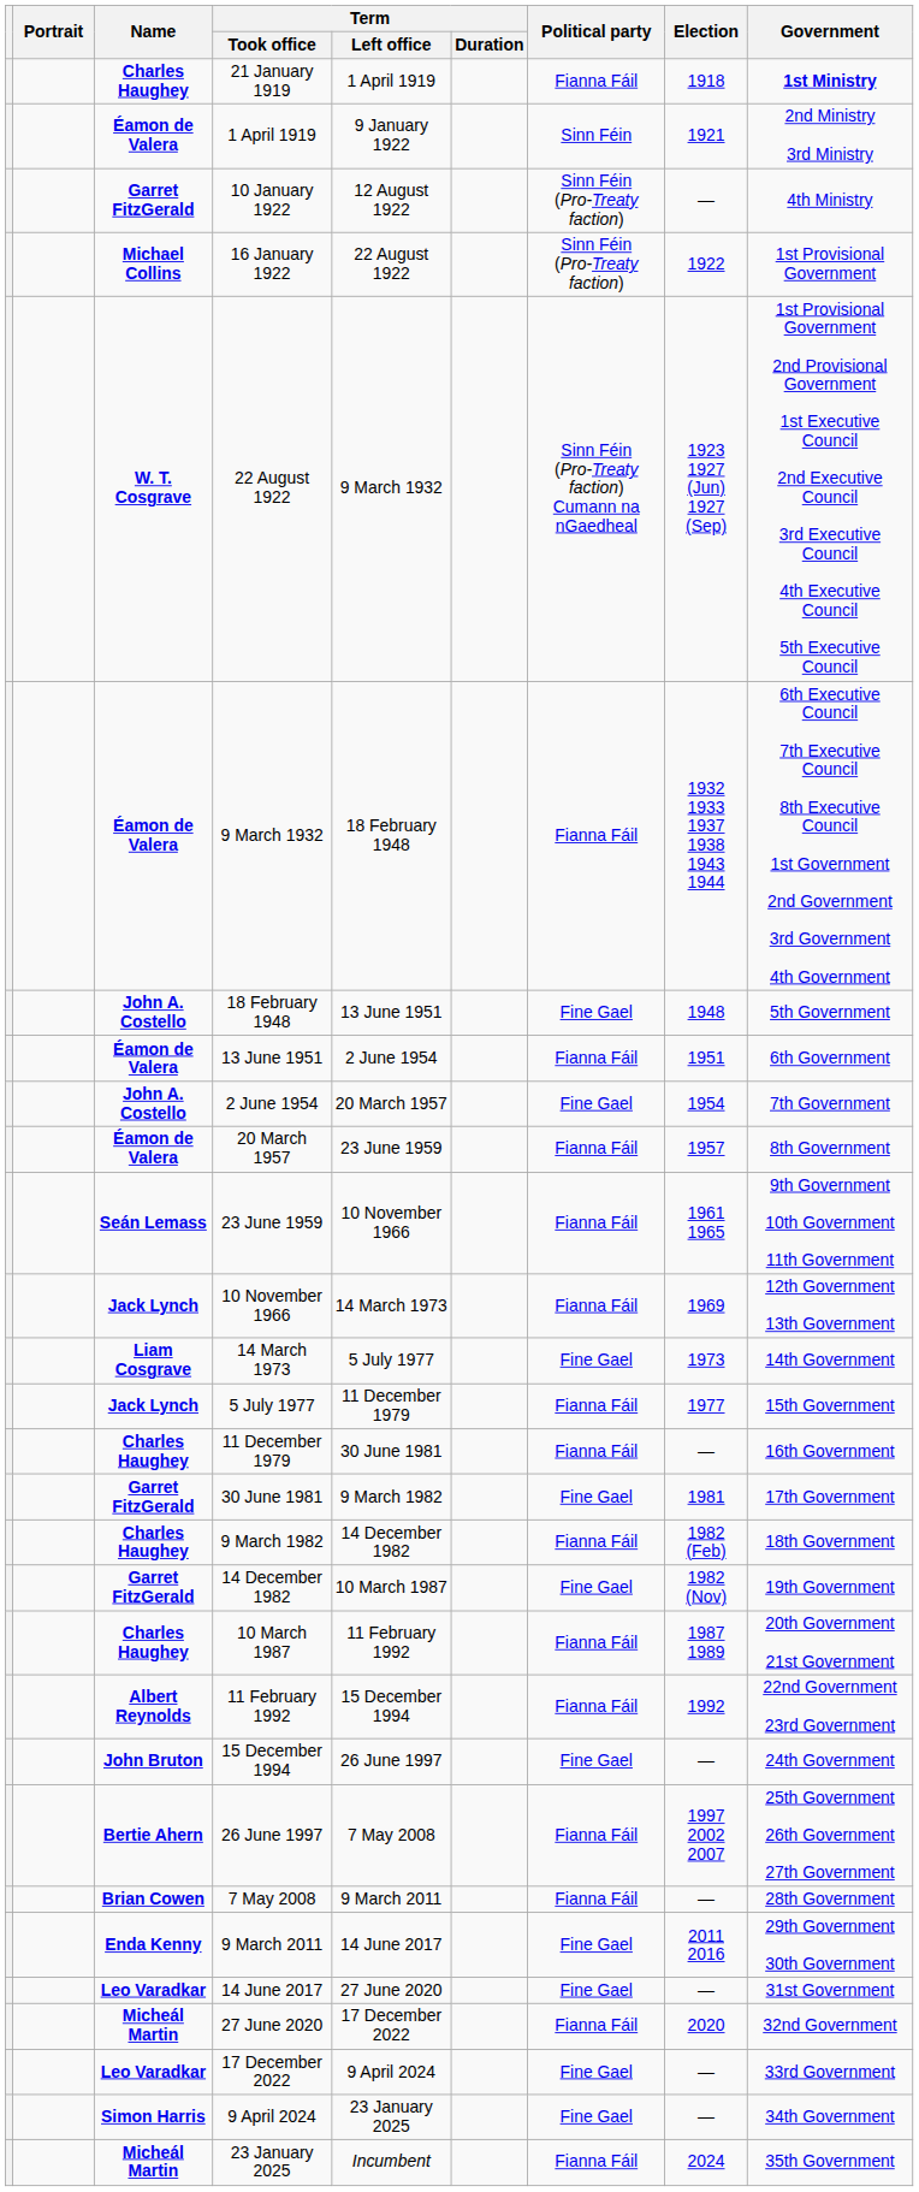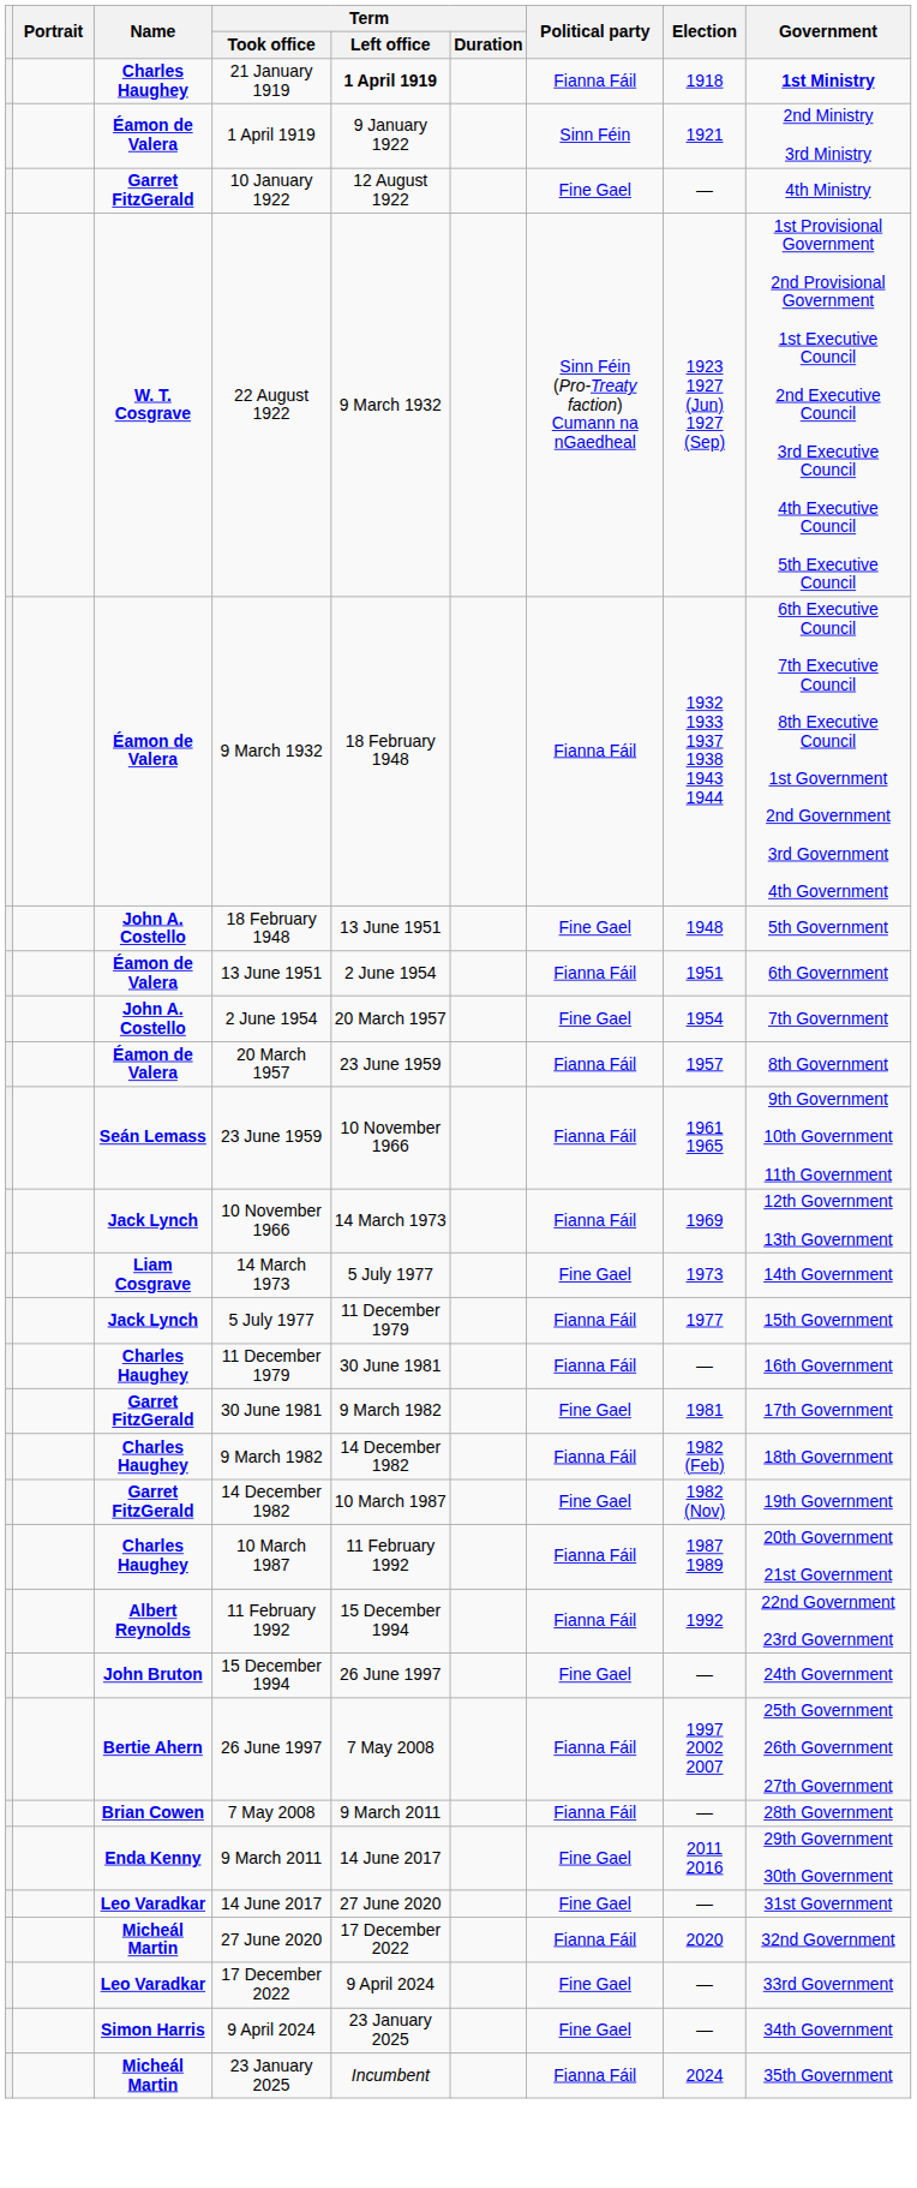 <table class="wikitable" style="text-align:center">
 <tr>
 <th rowspan="2"></th>
 <th rowspan="2" width="70px">Portrait</th>
 <th rowspan="2">Name<br></th>
 <th colspan="3">Term</th>
 <th rowspan="2">Political party</th>
 <th rowspan="2">Election</th>
 <th rowspan="2">Government</th>
 </tr>
 <tr>
 <th>Took office</th>
 <th>Left office</th>
 <th>Duration</th>
 </tr>
 <tr>
 <th style="background:"></th>
 <td></td>
 <td><strong><a href='#'>Charles Haughey</a></strong><br></td>
 <td>21 January 1919</td>
-<td>1 April 1919</td>
+<td><strong>1 April 1919</strong></td>
 <td></td>
 <td><a href='#'>Fianna Fáil</a></td>
 <td><a href='#'>1918</a></td>
 <td><strong><a href='#'>1st Ministry</a></strong></td>
 </tr>
 <tr>
 <th style="background:"></th>
 <td></td>
 <td><strong><a href='#'>Éamon de Valera</a></strong><br></td>
 <td>1 April 1919</td>
 <td>9 January 1922</td>
 <td></td>
 <td><a href='#'>Sinn Féin</a></td>
 <td><a href='#'>1921</a></td>
 <td><a href='#'>2nd Ministry</a><br><br><a href='#'>3rd Ministry</a><br></td>
 </tr>
 <tr>
 <th style="background:"></th>
 <td></td>
 <td><strong><a href='#'>Garret FitzGerald</a></strong><br></td>
 <td>10 January 1922</td>
 <td>12 August 1922</td>
 <td></td>
-<td><a href='#'>Sinn Féin</a><br>(<em>Pro-<a href='#'>Treaty</a> faction</em>)</td>
+<td><a href='#'>Fine Gael</a></td>
 <td>—</td>
 <td><a href='#'>4th Ministry</a></td>
-</tr>
-<tr>
-<th style="background:"></th>
-<td></td>
-<td><strong><a href='#'>Michael Collins</a></strong><br></td>
-<td>16 January 1922</td>
-<td>22 August 1922</td>
-<td></td>
-<td><a href='#'>Sinn Féin</a><br>(<em>Pro-<a href='#'>Treaty</a> faction</em>)</td>
-<td><a href='#'>1922</a></td>
-<td><a href='#'>1st Provisional Government</a></td>
 </tr>
 <tr>
 <th style="background:"></th>
 <td></td>
 <td><strong><a href='#'>W. T. Cosgrave</a></strong><br></td>
 <td>22 August 1922</td>
 <td>9 March 1932</td>
 <td></td>
 <td><a href='#'>Sinn Féin</a><br>(<em>Pro-<a href='#'>Treaty</a> faction</em>)<br><a href='#'>Cumann na nGaedheal</a></td>
 <td><a href='#'>1923</a><br><a href='#'>1927 (Jun)</a><br><a href='#'>1927 (Sep)</a></td>
 <td><a href='#'>1st Provisional Government</a><br><br><a href='#'>2nd Provisional Government</a><br><br><a href='#'>1st Executive Council</a><br><br><a href='#'>2nd Executive Council</a><br><br><a href='#'>3rd Executive Council</a><br><br><a href='#'>4th Executive Council</a><br><br><a href='#'>5th Executive Council</a><br></td>
 </tr>
 <tr>
 <th style="background:"></th>
 <td></td>
 <td><strong><a href='#'>Éamon de Valera</a></strong><br></td>
 <td>9 March 1932</td>
 <td>18 February 1948</td>
 <td></td>
 <td><a href='#'>Fianna Fáil</a></td>
 <td><a href='#'>1932</a><br><a href='#'>1933</a><br><a href='#'>1937</a><br><a href='#'>1938</a><br><a href='#'>1943</a><br><a href='#'>1944</a></td>
 <td><a href='#'>6th Executive Council</a><br><br><a href='#'>7th Executive Council</a><br><br><a href='#'>8th Executive Council</a><br><br><a href='#'>1st Government</a><br><br><a href='#'>2nd Government</a><br><br><a href='#'>3rd Government</a><br><br><a href='#'>4th Government</a><br></td>
 </tr>
 <tr>
 <th style="background:"></th>
 <td></td>
 <td><strong><a href='#'>John A. Costello</a></strong><br></td>
 <td>18 February 1948</td>
 <td>13 June 1951</td>
 <td></td>
 <td><a href='#'>Fine Gael</a></td>
 <td><a href='#'>1948</a></td>
 <td><a href='#'>5th Government</a></td>
 </tr>
 <tr>
 <th style="background:"></th>
 <td></td>
 <td><strong><a href='#'>Éamon de Valera</a></strong><br></td>
 <td>13 June 1951</td>
 <td>2 June 1954</td>
 <td></td>
 <td><a href='#'>Fianna Fáil</a></td>
 <td><a href='#'>1951</a></td>
 <td><a href='#'>6th Government</a></td>
 </tr>
 <tr>
 <th style="background:"></th>
 <td></td>
 <td><strong><a href='#'>John A. Costello</a></strong><br></td>
 <td>2 June 1954</td>
 <td>20 March 1957</td>
 <td></td>
 <td><a href='#'>Fine Gael</a></td>
 <td><a href='#'>1954</a></td>
 <td><a href='#'>7th Government</a></td>
 </tr>
 <tr>
 <th style="background:"></th>
 <td></td>
 <td><strong><a href='#'>Éamon de Valera</a></strong><br></td>
 <td>20 March 1957</td>
 <td>23 June 1959</td>
 <td></td>
 <td><a href='#'>Fianna Fáil</a></td>
 <td><a href='#'>1957</a></td>
 <td><a href='#'>8th Government</a></td>
 </tr>
 <tr>
 <th style="background:"></th>
 <td></td>
 <td><strong><a href='#'>Seán Lemass</a></strong><br></td>
 <td>23 June 1959</td>
 <td>10 November 1966</td>
 <td></td>
 <td><a href='#'>Fianna Fáil</a></td>
 <td><a href='#'>1961</a><br><a href='#'>1965</a></td>
 <td><a href='#'>9th Government</a><br><br><a href='#'>10th Government</a><br><br><a href='#'>11th Government</a><br></td>
 </tr>
 <tr>
 <th style="background:"></th>
 <td></td>
 <td><strong><a href='#'>Jack Lynch</a></strong><br></td>
 <td>10 November 1966</td>
 <td>14 March 1973</td>
 <td></td>
 <td><a href='#'>Fianna Fáil</a></td>
 <td><a href='#'>1969</a></td>
 <td><a href='#'>12th Government</a><br><br><a href='#'>13th Government</a><br></td>
 </tr>
 <tr>
 <th style="background:"></th>
 <td></td>
 <td><strong><a href='#'>Liam Cosgrave</a></strong><br></td>
 <td>14 March 1973</td>
 <td>5 July 1977</td>
 <td></td>
 <td><a href='#'>Fine Gael</a></td>
 <td><a href='#'>1973</a></td>
 <td><a href='#'>14th Government</a></td>
 </tr>
 <tr>
 <th style="background:"></th>
 <td></td>
 <td><strong><a href='#'>Jack Lynch</a></strong><br></td>
 <td>5 July 1977</td>
 <td>11 December 1979</td>
 <td></td>
 <td><a href='#'>Fianna Fáil</a></td>
 <td><a href='#'>1977</a></td>
 <td><a href='#'>15th Government</a></td>
 </tr>
 <tr>
 <th style="background:"></th>
 <td></td>
 <td><strong><a href='#'>Charles Haughey</a></strong><br></td>
 <td>11 December 1979</td>
 <td>30 June 1981</td>
 <td></td>
 <td><a href='#'>Fianna Fáil</a></td>
 <td>—</td>
 <td><a href='#'>16th Government</a></td>
 </tr>
 <tr>
 <th style="background:"></th>
 <td></td>
 <td><strong><a href='#'>Garret FitzGerald</a></strong><br></td>
 <td>30 June 1981</td>
 <td>9 March 1982</td>
 <td></td>
 <td><a href='#'>Fine Gael</a></td>
 <td><a href='#'>1981</a></td>
 <td><a href='#'>17th Government</a></td>
 </tr>
 <tr>
 <th style="background:"></th>
 <td></td>
 <td><strong><a href='#'>Charles Haughey</a></strong><br></td>
 <td>9 March 1982</td>
 <td>14 December 1982</td>
 <td></td>
 <td><a href='#'>Fianna Fáil</a></td>
 <td><a href='#'>1982 (Feb)</a></td>
 <td><a href='#'>18th Government</a></td>
 </tr>
 <tr>
 <th style="background:"></th>
 <td></td>
 <td><strong><a href='#'>Garret FitzGerald</a></strong><br></td>
 <td>14 December 1982</td>
 <td>10 March 1987</td>
 <td></td>
 <td><a href='#'>Fine Gael</a></td>
 <td><a href='#'>1982 (Nov)</a></td>
 <td><a href='#'>19th Government</a></td>
 </tr>
 <tr>
 <th style="background:"></th>
 <td></td>
 <td><strong><a href='#'>Charles Haughey</a></strong><br></td>
 <td>10 March 1987</td>
 <td>11 February 1992</td>
 <td></td>
 <td><a href='#'>Fianna Fáil</a></td>
 <td><a href='#'>1987</a><br><a href='#'>1989</a></td>
 <td><a href='#'>20th Government</a><br><br><a href='#'>21st Government</a><br></td>
 </tr>
 <tr>
 <th style="background:"></th>
 <td></td>
 <td><strong><a href='#'>Albert Reynolds</a></strong><br></td>
 <td>11 February 1992</td>
 <td>15 December 1994</td>
 <td></td>
 <td><a href='#'>Fianna Fáil</a></td>
 <td><a href='#'>1992</a></td>
 <td><a href='#'>22nd Government</a><br><br><a href='#'>23rd Government</a><br></td>
 </tr>
 <tr>
 <th style="background:"></th>
 <td></td>
 <td><strong><a href='#'>John Bruton</a></strong><br></td>
 <td>15 December 1994</td>
 <td>26 June 1997</td>
 <td></td>
 <td><a href='#'>Fine Gael</a></td>
 <td>—</td>
 <td><a href='#'>24th Government</a><br></td>
 </tr>
 <tr>
 <th style="background:"></th>
 <td></td>
 <td><strong><a href='#'>Bertie Ahern</a></strong><br></td>
 <td>26 June 1997</td>
 <td>7 May 2008</td>
 <td></td>
 <td><a href='#'>Fianna Fáil</a></td>
 <td><a href='#'>1997</a><br><a href='#'>2002</a><br><a href='#'>2007</a></td>
 <td><a href='#'>25th Government</a><br><br><a href='#'>26th Government</a><br><br><a href='#'>27th Government</a><br></td>
 </tr>
 <tr>
 <th style="background:"></th>
 <td></td>
 <td><strong><a href='#'>Brian Cowen</a></strong><br></td>
 <td>7 May 2008</td>
 <td>9 March 2011</td>
 <td></td>
 <td><a href='#'>Fianna Fáil</a></td>
 <td>—</td>
 <td><a href='#'>28th Government</a></td>
 </tr>
 <tr>
 <th style="background:"></th>
 <td></td>
 <td><strong><a href='#'>Enda Kenny</a></strong><br></td>
 <td>9 March 2011</td>
 <td>14 June 2017</td>
 <td></td>
 <td><a href='#'>Fine Gael</a></td>
 <td><a href='#'>2011</a><br><a href='#'>2016</a></td>
 <td><a href='#'>29th Government</a><br><br><a href='#'>30th Government</a><br></td>
 </tr>
 <tr>
 <th style="background:"></th>
 <td></td>
 <td><strong><a href='#'>Leo Varadkar</a></strong><br></td>
 <td>14 June 2017</td>
 <td>27 June 2020</td>
 <td></td>
 <td><a href='#'>Fine Gael</a></td>
 <td>—</td>
 <td><a href='#'>31st Government</a></td>
 </tr>
 <tr>
 <th style="background:"></th>
 <td></td>
 <td><strong><a href='#'>Micheál Martin</a></strong><br></td>
 <td>27 June 2020</td>
 <td>17 December 2022</td>
 <td></td>
 <td><a href='#'>Fianna Fáil</a></td>
 <td><a href='#'>2020</a></td>
 <td><a href='#'>32nd Government</a></td>
 </tr>
 <tr>
 <th style="background:"></th>
 <td></td>
 <td><strong><a href='#'>Leo Varadkar</a></strong><br></td>
 <td>17 December 2022</td>
 <td>9 April 2024</td>
 <td></td>
 <td><a href='#'>Fine Gael</a></td>
 <td>—</td>
 <td><a href='#'>33rd Government</a></td>
 </tr>
 <tr>
 <th style="background:"></th>
 <td></td>
 <td><strong><a href='#'>Simon Harris</a></strong><br></td>
 <td>9 April 2024</td>
 <td>23 January 2025</td>
 <td></td>
 <td><a href='#'>Fine Gael</a></td>
 <td>—</td>
 <td><a href='#'>34th Government</a></td>
 </tr>
 <tr>
 <th style="background:"></th>
 <td></td>
 <td><strong><a href='#'>Micheál Martin</a></strong><br></td>
 <td>23 January 2025</td>
 <td><em>Incumbent</em></td>
 <td></td>
 <td><a href='#'>Fianna Fáil</a></td>
 <td><a href='#'>2024</a></td>
 <td><a href='#'>35th Government</a></td>
 </tr>
 </table>
